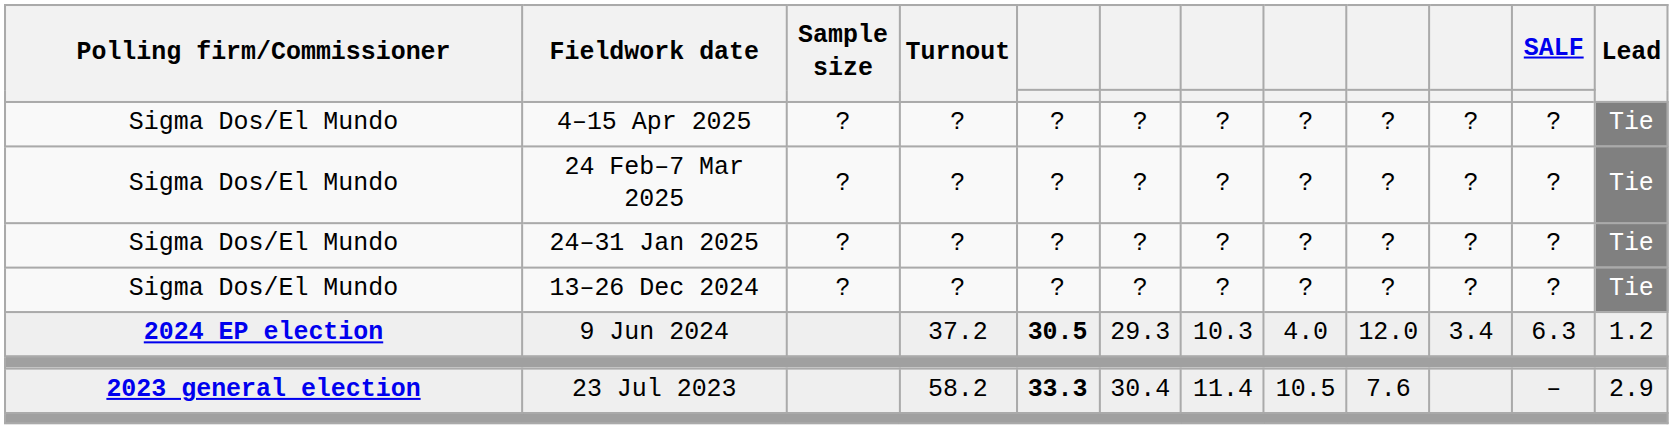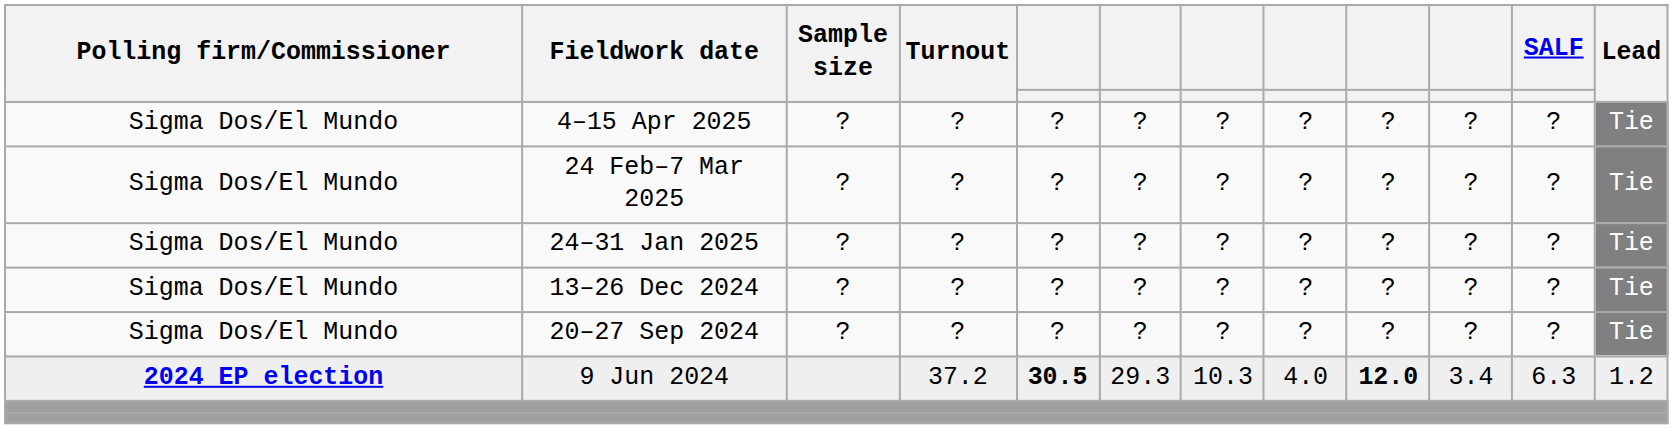 <table class="wikitable collapsible collapsed" style="text-align:center; font-size:95%; line-height:16px;">
 <tr style="height:42px;">
 <th style="width:250px;" rowspan="2">Polling firm/Commissioner</th>
 <th style="width:125px;" rowspan="2">Fieldwork date</th>
 <th style="width:50px;" rowspan="2">Sample size</th>
 <th style="width:45px;" rowspan="2">Turnout</th>
 <th style="width:35px;"></th>
 <th style="width:35px;"></th>
 <th style="width:35px;"></th>
 <th style="width:35px;"></th>
 <th style="width:35px;"></th>
 <th style="width:35px;"></th>
 <th style="width:35px;"><a href='#'>SALF</a></th>
 <th style="width:30px;" rowspan="2">Lead</th>
 </tr>
 <tr>
 <th style="color:inherit;background:"></th>
 <th style="color:inherit;background:"></th>
 <th style="color:inherit;background:"></th>
 <th style="color:inherit;background:"></th>
 <th style="color:inherit;background:"></th>
 <th style="color:inherit;background:"></th>
 <th style="color:inherit;background:"></th>
 </tr>
 <tr>
 <td>Sigma Dos/El Mundo</td>
 <td>4–15 Apr 2025</td>
 <td>?</td>
 <td>?</td>
 <td>?<br></td>
 <td>?<br></td>
 <td>?<br></td>
 <td>?<br></td>
 <td>?<br></td>
 <td>?<br></td>
 <td>?<br></td>
 <td style="background:gray;color:white;">Tie</td>
 </tr>
 <tr>
 <td>Sigma Dos/El Mundo</td>
 <td>24 Feb–7 Mar 2025</td>
 <td>?</td>
 <td>?</td>
 <td>?<br></td>
 <td>?<br></td>
 <td>?<br></td>
 <td>?<br></td>
 <td>?<br></td>
 <td>?<br></td>
 <td>?<br></td>
 <td style="background:gray;color:white;">Tie</td>
 </tr>
 <tr>
 <td>Sigma Dos/El Mundo</td>
 <td>24–31 Jan 2025</td>
 <td>?</td>
 <td>?</td>
 <td>?<br></td>
 <td>?<br></td>
 <td>?<br></td>
 <td>?<br></td>
 <td>?<br></td>
 <td>?<br></td>
 <td>?<br></td>
 <td style="background:gray;color:white;">Tie</td>
 </tr>
 <tr>
 <td>Sigma Dos/El Mundo</td>
 <td>13–26 Dec 2024</td>
 <td>?</td>
 <td>?</td>
 <td>?<br></td>
 <td>?<br></td>
 <td>?<br></td>
 <td>?<br></td>
 <td>?<br></td>
 <td>?<br></td>
 <td>?<br></td>
 <td style="background:gray;color:white;">Tie</td>
 </tr>
+<tr>
+<td>Sigma Dos/El Mundo</td>
+<td>20–27 Sep 2024</td>
+<td>?</td>
+<td>?</td>
+<td>?<br></td>
+<td>?<br></td>
+<td>?<br></td>
+<td>?<br></td>
+<td>?<br></td>
+<td>?<br></td>
+<td>?<br></td>
+<td style="background:gray;color:white;">Tie</td>
+</tr>
 <tr style="background:#EFEFEF;">
 <td><strong><a href='#'>2024 EP election</a></strong></td>
 <td>9 Jun 2024</td>
 <td></td>
 <td>37.2</td>
 <td><strong>30.5</strong><br></td>
 <td>29.3<br></td>
 <td>10.3<br></td>
 <td>4.0<br></td>
-<td>12.0<br></td>
+<td><strong>12.0<br></strong></td>
 <td>3.4<br></td>
 <td>6.3<br></td>
 <td style="background:">1.2</td>
 </tr>
 <tr>
 <td colspan="12" style="background:#A0A0A0"></td>
 </tr>
-<tr style="background:#EFEFEF;">
-<td><strong><a href='#'>2023 general election</a></strong></td>
-<td>23 Jul 2023</td>
-<td></td>
-<td>58.2</td>
-<td><strong>33.3</strong><br></td>
-<td>30.4<br></td>
-<td>11.4<br></td>
-<td>10.5<br></td>
-<td>7.6<br></td>
-<td></td>
-<td>–</td>
-<td style="background:">2.9</td>
-</tr>
 <tr>
 <td colspan="12" style="background:#A0A0A0"></td>
 </tr>
 </table>
